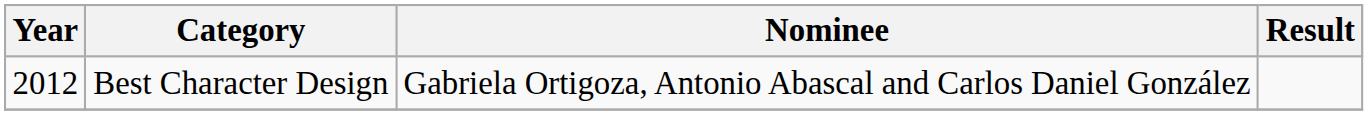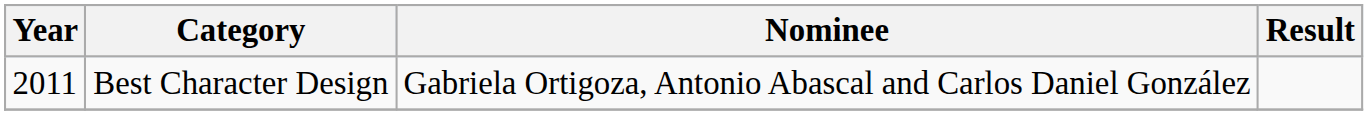 <table class="wikitable">
 <tr style="background:#b0c4de;">
 <th>Year</th>
 <th>Category</th>
 <th>Nominee</th>
 <th>Result</th>
 </tr>
 <tr>
-<td>2012</td>
+<td>2011</td>
 <td>Best Character Design</td>
 <td>Gabriela Ortigoza, Antonio Abascal and Carlos Daniel González</td>
 <td></td>
 </tr>
 <tr>
 </tr>
 </table>
